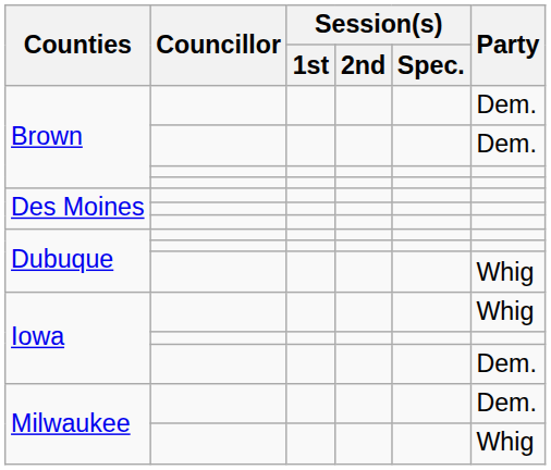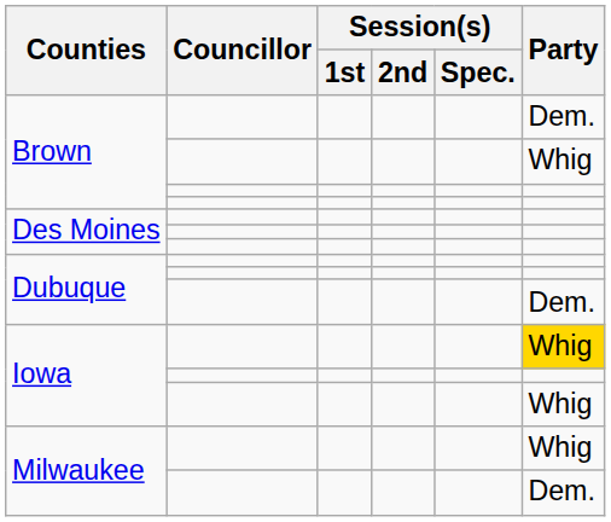 <table class="wikitable sortable">
 <tr>
 <th rowspan="2">Counties</th>
 <th rowspan="2">Councillor</th>
 <th colspan="3">Session(s)</th>
 <th rowspan="2">Party</th>
 </tr>
 <tr>
 <th>1st</th>
 <th>2nd</th>
 <th>Spec.</th>
 </tr>
 <tr>
 <td rowspan="4"><a href='#'>Brown</a></td>
 <td></td>
 <td></td>
 <td></td>
 <td></td>
 <td>Dem.</td>
 </tr>
 <tr>
 <td></td>
 <td></td>
 <td></td>
 <td></td>
-<td>Dem.</td>
+<td>Whig</td>
 </tr>
 <tr>
 <td></td>
 <td></td>
 <td></td>
 <td></td>
 <td></td>
 </tr>
 <tr>
 <td></td>
 <td></td>
 <td></td>
 <td></td>
 <td></td>
 </tr>
 <tr>
 <td rowspan="3"><a href='#'>Des Moines</a></td>
 <td></td>
 <td></td>
 <td></td>
 <td></td>
 <td></td>
 </tr>
 <tr>
 <td></td>
 <td></td>
 <td></td>
 <td></td>
 <td></td>
 </tr>
 <tr>
 <td></td>
 <td></td>
 <td></td>
 <td></td>
 <td></td>
 </tr>
 <tr>
 <td rowspan="3"><a href='#'>Dubuque</a></td>
 <td></td>
 <td></td>
 <td></td>
 <td></td>
 <td></td>
 </tr>
 <tr>
 <td></td>
 <td></td>
 <td></td>
 <td></td>
 <td></td>
 </tr>
 <tr>
 <td></td>
 <td></td>
 <td></td>
 <td></td>
-<td>Whig</td>
+<td>Dem.</td>
 </tr>
 <tr>
 <td rowspan="3"><a href='#'>Iowa</a></td>
 <td></td>
 <td></td>
 <td></td>
 <td></td>
-<td>Whig</td>
+<td style="background: gold;">Whig</td>
 </tr>
 <tr>
 <td></td>
 <td></td>
 <td></td>
 <td></td>
 <td></td>
 </tr>
 <tr>
 <td></td>
 <td></td>
 <td></td>
 <td></td>
-<td>Dem.</td>
+<td>Whig</td>
 </tr>
 <tr>
 <td rowspan="2"><a href='#'>Milwaukee</a></td>
 <td></td>
 <td></td>
 <td></td>
 <td></td>
-<td>Dem.</td>
+<td>Whig</td>
 </tr>
 <tr>
 <td></td>
 <td></td>
 <td></td>
 <td></td>
-<td>Whig</td>
+<td>Dem.</td>
 </tr>
 </table>
